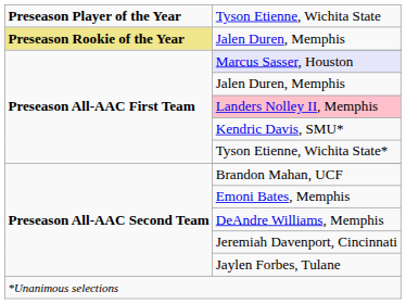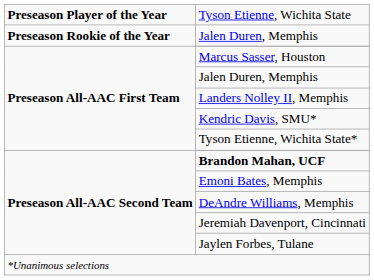 <table class="wikitable">
 <tr>
 <td><strong>Preseason Player of the Year</strong></td>
 <td><a href='#'>Tyson Etienne</a>, Wichita State</td>
 </tr>
 <tr>
-<td style="background: khaki;"><strong>Preseason Rookie of the Year</strong></td>
+<td><strong>Preseason Rookie of the Year</strong></td>
 <td><a href='#'>Jalen Duren</a>, Memphis</td>
 </tr>
 <tr>
 <td rowspan=6 valign=middle><strong>Preseason All-AAC First Team</strong></td>
 </tr>
 <tr>
-<td style="background: lavender;"><a href='#'>Marcus Sasser</a>, Houston</td>
+<td><a href='#'>Marcus Sasser</a>, Houston</td>
 </tr>
 <tr>
 <td>Jalen Duren, Memphis</td>
 </tr>
 <tr>
-<td style="background: pink;"><a href='#'>Landers Nolley II</a>, Memphis</td>
+<td><a href='#'>Landers Nolley II</a>, Memphis</td>
 </tr>
 <tr>
 <td><a href='#'>Kendric Davis</a>, SMU*</td>
 </tr>
 <tr>
 <td>Tyson Etienne, Wichita State*</td>
 </tr>
 <tr>
 <td rowspan="6" valign="middle"><strong>Preseason All-AAC Second Team</strong></td>
 </tr>
 <tr>
-<td>Brandon Mahan, UCF</td>
+<td><strong>Brandon Mahan, UCF</strong></td>
 </tr>
 <tr>
 <td><a href='#'>Emoni Bates</a>, Memphis</td>
 </tr>
 <tr>
 <td><a href='#'>DeAndre Williams</a>, Memphis</td>
 </tr>
 <tr>
 <td>Jeremiah Davenport, Cincinnati</td>
 </tr>
 <tr>
 <td>Jaylen Forbes, Tulane</td>
 </tr>
 <tr>
 <td colspan="3" valign="center"><small><em>*Unanimous selections</em></small></td>
 </tr>
 </table>
